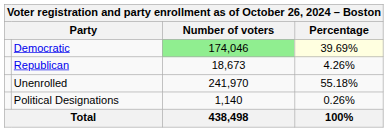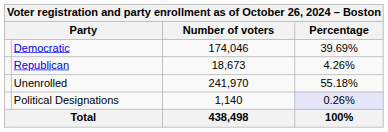 <table class=wikitable>
 <tr>
 <th colspan = 6>Voter registration and party enrollment as of October 26, 2024 – Boston</th>
 </tr>
 <tr>
 <th colspan = 2>Party</th>
 <th>Number of voters</th>
 <th>Percentage</th>
 </tr>
 <tr>
 <td></td>
 <td><a href='#'>Democratic</a></td>
-<td style="background: lightgreen; text-align:center;">174,046</td>
-<td style="background: lightyellow; text-align:center;">39.69%</td>
+<td style="text-align:center;">174,046</td>
+<td style="text-align:center;">39.69%</td>
 </tr>
 <tr>
 <td></td>
 <td><a href='#'>Republican</a></td>
 <td style="text-align:center;">18,673</td>
 <td style="text-align:center;">4.26%</td>
 </tr>
 <tr>
 <td></td>
 <td>Unenrolled</td>
 <td style="text-align:center;">241,970</td>
 <td style="text-align:center;">55.18%</td>
 </tr>
 <tr>
 <td></td>
 <td>Political Designations</td>
 <td style="text-align:center;">1,140</td>
-<td style="text-align:center;">0.26%</td>
+<td style="background: lavender; text-align:center;">0.26%</td>
 </tr>
 <tr>
 <th colspan = 2>Total</th>
 <th style="text-align:center;">438,498</th>
 <th style="text-align:center;">100%</th>
 </tr>
 </table>
